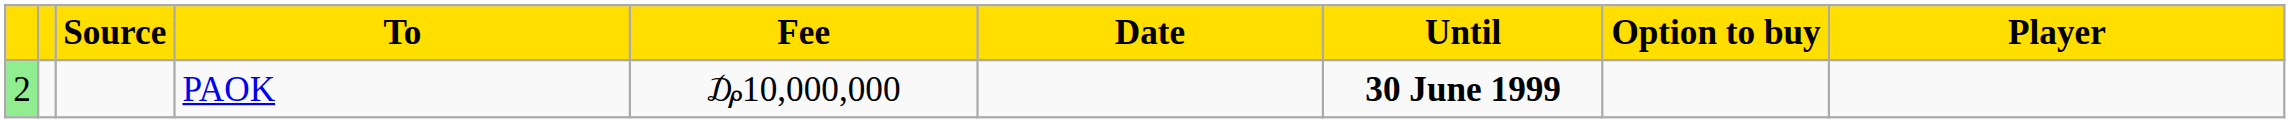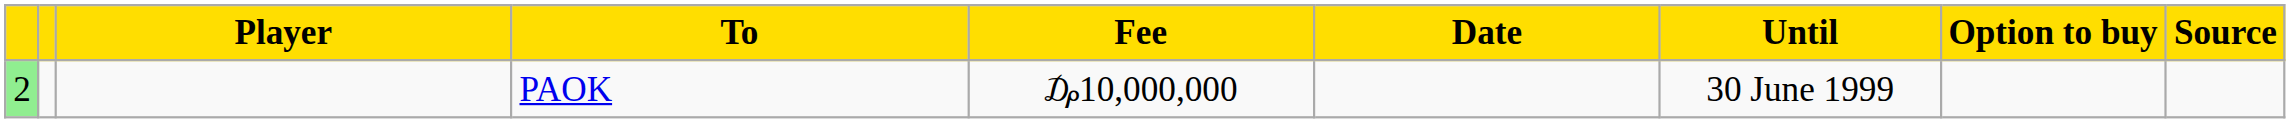 <table class="wikitable sortable">
 <tr>
 <th style="background:#FFDE00"></th>
 <th style="background:#FFDE00"></th>
-<th style="background:#FFDE00">Source</th>
+<th width=200 style="background:#FFDE00">Player</th>
 <th width=200 style="background:#FFDE00">To</th>
 <th width=150 style="background:#FFDE00">Fee</th>
 <th width=150 style="background:#FFDE00">Date</th>
 <th width=120 style="background:#FFDE00">Until</th>
 <th style="background:#FFDE00">Option to buy</th>
-<th width=200 style="background:#FFDE00">Player</th>
+<th style="background:#FFDE00">Source</th>
 </tr>
 <tr>
 <td align=center style="background: lightgreen;">2</td>
 <td align=center></td>
-<td align=center></td>
+<td></td>
 <td> <a href='#'>PAOK</a></td>
 <td align=center>₯10,000,000</td>
 <td align=center></td>
-<td align=center><strong>30 June 1999</strong></td>
+<td align=center>30 June 1999</td>
 <td align=center></td>
-<td></td>
+<td align=center></td>
 </tr>
 </table>
